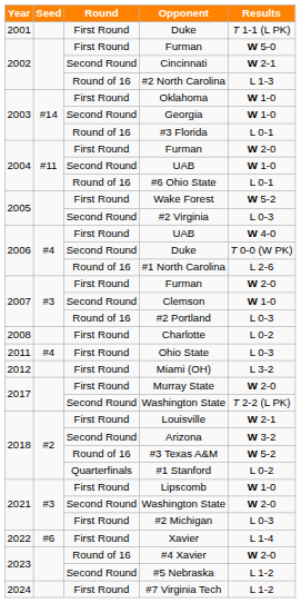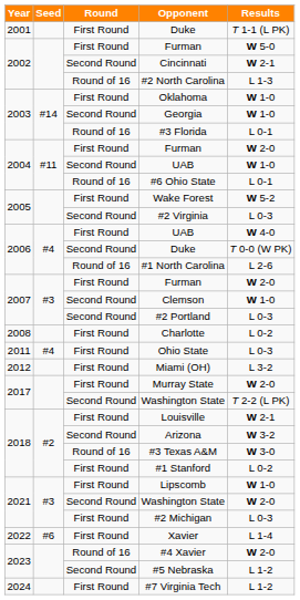 <table class="wikitable">
 <tr>
 <th rowspan="1" style="background: #FF8200; color:white;">Year</th>
 <th rowspan="1" style="background: #FF8200; color:white;">Seed</th>
 <th rowspan="1" style="background: #FF8200; color:white;">Round</th>
 <th rowspan="1" style="background: #FF8200; color:white;">Opponent</th>
 <th rowspan="1" style="background: #FF8200; color:white;">Results</th>
 </tr>
 <tr align="center">
 <td rowspan="1">2001</td>
 <td rowspan="1"></td>
 <td>First Round</td>
 <td>Duke</td>
 <td><em>T</em> 1-1 (L PK)</td>
 </tr>
 <tr align="center">
 <td rowspan="3">2002</td>
 <td rowspan="3"></td>
 <td>First Round</td>
 <td>Furman</td>
 <td><strong>W</strong> 5-0</td>
 </tr>
 <tr align="center">
 <td>Second Round</td>
 <td>Cincinnati</td>
 <td><strong>W</strong> 2-1</td>
 </tr>
 <tr align="center">
 <td>Round of 16</td>
 <td>#2 North Carolina</td>
 <td>L 1-3</td>
 </tr>
 <tr align="center">
 <td rowspan="3">2003</td>
 <td rowspan="3">#14</td>
 <td>First Round</td>
 <td>Oklahoma</td>
 <td><strong>W</strong> 1-0</td>
 </tr>
 <tr align="center">
 <td>Second Round</td>
 <td>Georgia</td>
 <td><strong>W</strong> 1-0</td>
 </tr>
 <tr align="center">
 <td>Round of 16</td>
 <td>#3 Florida</td>
 <td>L 0-1</td>
 </tr>
 <tr align="center">
 <td rowspan="3">2004</td>
 <td rowspan="3">#11</td>
 <td>First Round</td>
 <td>Furman</td>
 <td><strong>W</strong> 2-0</td>
 </tr>
 <tr align="center">
 <td>Second Round</td>
 <td>UAB</td>
 <td><strong>W</strong> 1-0</td>
 </tr>
 <tr align="center">
 <td>Round of 16</td>
 <td>#6 Ohio State</td>
 <td>L 0-1</td>
 </tr>
 <tr align="center">
 <td rowspan="2">2005</td>
 <td rowspan="2"></td>
 <td>First Round</td>
 <td>Wake Forest</td>
 <td><strong>W</strong> 5-2</td>
 </tr>
 <tr align="center">
 <td>Second Round</td>
 <td>#2 Virginia</td>
 <td>L 0-3</td>
 </tr>
 <tr align="center">
 <td rowspan="3">2006</td>
 <td rowspan="3">#4</td>
 <td>First Round</td>
 <td>UAB</td>
 <td><strong>W</strong> 4-0</td>
 </tr>
 <tr align="center">
 <td>Second Round</td>
 <td>Duke</td>
 <td><em>T</em>  0-0 (W PK)</td>
 </tr>
 <tr align="center">
 <td>Round of 16</td>
 <td>#1 North Carolina</td>
 <td>L 2-6</td>
 </tr>
 <tr align="center">
 <td rowspan="3">2007</td>
 <td rowspan="3">#3</td>
 <td>First Round</td>
 <td>Furman</td>
 <td><strong>W</strong> 2-0</td>
 </tr>
 <tr align="center">
 <td>Second Round</td>
 <td>Clemson</td>
 <td><strong>W</strong> 1-0</td>
 </tr>
 <tr align="center">
-<td>Round of 16</td>
+<td>Second Round</td>
 <td>#2 Portland</td>
 <td>L 0-3</td>
 </tr>
 <tr align="center">
 <td>2008</td>
 <td></td>
 <td>First Round</td>
 <td>Charlotte</td>
 <td>L 0-2</td>
 </tr>
 <tr align="center">
 <td>2011</td>
 <td>#4</td>
 <td>First Round</td>
 <td>Ohio State</td>
 <td>L 0-3</td>
 </tr>
 <tr align="center">
 <td>2012</td>
 <td></td>
 <td>First Round</td>
 <td>Miami (OH)</td>
 <td>L 3-2</td>
 </tr>
 <tr align="center">
 <td rowspan="2">2017</td>
 <td rowspan="2"></td>
 <td>First Round</td>
 <td>Murray State</td>
 <td><strong>W</strong> 2-0</td>
 </tr>
 <tr align="center">
 <td>Second Round</td>
 <td>Washington State</td>
 <td><em>T</em>  2-2 (L PK)</td>
 </tr>
 <tr align="center">
 <td rowspan="4">2018</td>
 <td rowspan="4">#2</td>
 <td>First Round</td>
 <td>Louisville</td>
 <td><strong>W</strong> 2-1</td>
 </tr>
 <tr align="center">
 <td>Second Round</td>
 <td>Arizona</td>
 <td><strong>W</strong> 3-2</td>
 </tr>
 <tr align="center">
 <td>Round of 16</td>
 <td>#3 Texas A&M</td>
-<td><strong>W</strong> 5-2</td>
+<td><strong>W</strong> 3-0</td>
 </tr>
 <tr align="center">
-<td>Quarterfinals</td>
+<td>First Round</td>
 <td>#1 Stanford</td>
 <td>L 0-2</td>
 </tr>
 <tr align="center">
 <td rowspan="3">2021</td>
 <td rowspan="3">#3</td>
 <td>First Round</td>
 <td>Lipscomb</td>
 <td><strong>W</strong> 1-0</td>
 </tr>
 <tr align="center">
 <td>Second Round</td>
 <td>Washington State</td>
 <td><strong>W</strong> 2-0</td>
 </tr>
 <tr align="center">
 <td>First Round</td>
 <td>#2 Michigan</td>
 <td>L 0-3</td>
 </tr>
 <tr align="center">
 <td>2022</td>
 <td>#6</td>
 <td>First Round</td>
 <td>Xavier</td>
 <td>L 1-4</td>
 </tr>
 <tr align="center">
 <td rowspan="2">2023</td>
 <td rowspan="2"></td>
 <td>Round of 16</td>
 <td>#4 Xavier</td>
 <td><strong>W</strong> 2-0</td>
 </tr>
 <tr align="center">
 <td>Second Round</td>
 <td>#5 Nebraska</td>
 <td>L 1-2</td>
 </tr>
 <tr align="center">
 <td rowspan="1">2024</td>
 <td rowspan="1"></td>
 <td>First Round</td>
 <td>#7 Virginia Tech</td>
 <td>L 1-2</td>
 </tr>
 </table>
